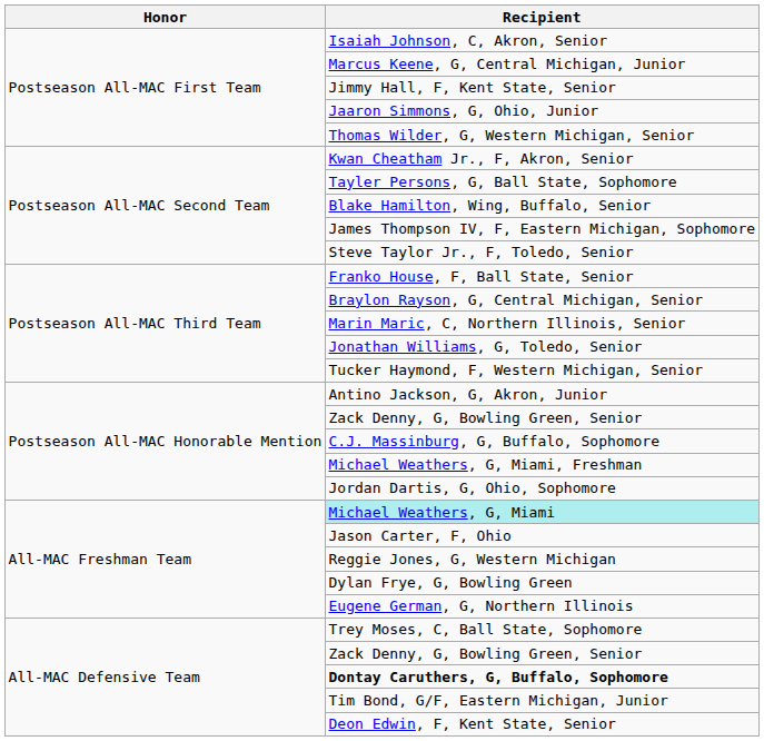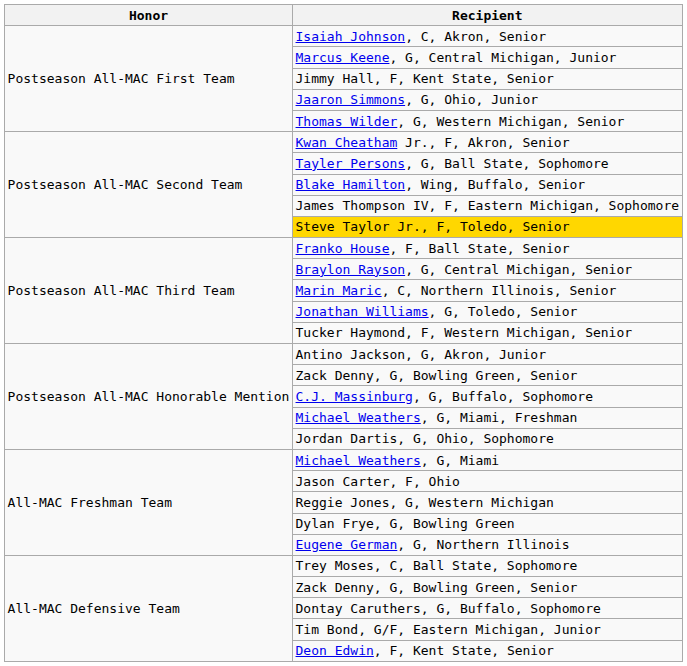 <table class="wikitable" border="1">
 <tr>
 <th>Honor</th>
 <th>Recipient</th>
 </tr>
 <tr>
 <td rowspan=5 valign=middle>Postseason All-MAC First Team</td>
 <td><a href='#'>Isaiah Johnson</a>, C, Akron, Senior</td>
 </tr>
 <tr>
 <td><a href='#'>Marcus Keene</a>, G, Central Michigan, Junior</td>
 </tr>
 <tr>
 <td>Jimmy Hall, F, Kent State, Senior</td>
 </tr>
 <tr>
 <td><a href='#'>Jaaron Simmons</a>, G, Ohio, Junior</td>
 </tr>
 <tr>
 <td><a href='#'>Thomas Wilder</a>, G, Western Michigan, Senior</td>
 </tr>
 <tr>
 <td rowspan=5 valign=middle>Postseason All-MAC Second Team</td>
 <td><a href='#'>Kwan Cheatham</a> Jr., F, Akron, Senior</td>
 </tr>
 <tr>
 <td><a href='#'>Tayler Persons</a>, G, Ball State, Sophomore</td>
 </tr>
 <tr>
 <td><a href='#'>Blake Hamilton</a>, Wing, Buffalo, Senior</td>
 </tr>
 <tr>
 <td>James Thompson IV, F, Eastern Michigan, Sophomore</td>
 </tr>
 <tr>
-<td>Steve Taylor Jr., F, Toledo, Senior</td>
+<td style="background: gold;">Steve Taylor Jr., F, Toledo, Senior</td>
 </tr>
 <tr>
 <td rowspan=5 valign=middle>Postseason All-MAC Third Team</td>
 <td><a href='#'>Franko House</a>, F, Ball State, Senior</td>
 </tr>
 <tr>
 <td><a href='#'>Braylon Rayson</a>, G, Central Michigan, Senior</td>
 </tr>
 <tr>
 <td><a href='#'>Marin Maric</a>, C, Northern Illinois, Senior</td>
 </tr>
 <tr>
 <td><a href='#'>Jonathan Williams</a>, G, Toledo, Senior</td>
 </tr>
 <tr>
 <td>Tucker Haymond, F, Western Michigan, Senior</td>
 </tr>
 <tr>
 <td rowspan=5 valign=middle>Postseason All-MAC Honorable Mention</td>
 <td>Antino Jackson, G, Akron, Junior</td>
 </tr>
 <tr>
 <td>Zack Denny, G, Bowling Green, Senior</td>
 </tr>
 <tr>
 <td><a href='#'>C.J. Massinburg</a>, G, Buffalo, Sophomore</td>
 </tr>
 <tr>
 <td><a href='#'>Michael Weathers</a>, G, Miami, Freshman</td>
 </tr>
 <tr>
 <td>Jordan Dartis, G, Ohio, Sophomore</td>
 </tr>
 <tr>
 <td rowspan=5 valign=middle>All-MAC Freshman Team</td>
-<td style="background: paleturquoise;"><a href='#'>Michael Weathers</a>, G, Miami</td>
+<td><a href='#'>Michael Weathers</a>, G, Miami</td>
 </tr>
 <tr>
 <td>Jason Carter, F, Ohio</td>
 </tr>
 <tr>
 <td>Reggie Jones, G, Western Michigan</td>
 </tr>
 <tr>
 <td>Dylan Frye, G, Bowling Green</td>
 </tr>
 <tr>
 <td><a href='#'>Eugene German</a>, G, Northern Illinois</td>
 </tr>
 <tr>
 <td rowspan=5 valign=middle>All-MAC Defensive Team</td>
 <td>Trey Moses, C, Ball State, Sophomore</td>
 </tr>
 <tr>
 <td>Zack Denny, G, Bowling Green, Senior</td>
 </tr>
 <tr>
-<td><strong>Dontay Caruthers, G, Buffalo, Sophomore</strong></td>
+<td>Dontay Caruthers, G, Buffalo, Sophomore</td>
 </tr>
 <tr>
 <td>Tim Bond, G/F, Eastern Michigan, Junior</td>
 </tr>
 <tr>
 <td><a href='#'>Deon Edwin</a>, F, Kent State, Senior</td>
 </tr>
 <tr>
 </tr>
 </table>
